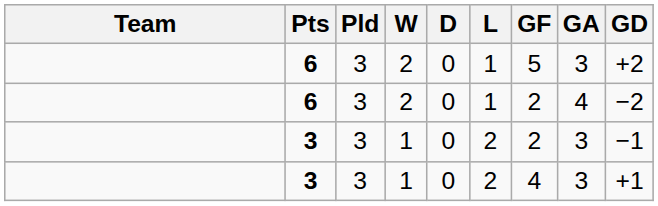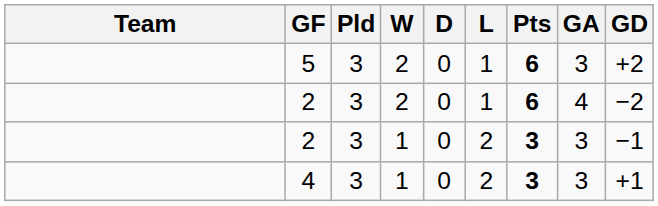 <table class="wikitable" style="text-align:center;">
 <tr>
 <th width=175>Team</th>
-<th width=20 abbr="Points">Pts</th>
+<th width=20 abbr="Goals for">GF</th>
 <th width=20 abbr="Played">Pld</th>
 <th width=20 abbr="Won">W</th>
 <th width=20 abbr="Drawn">D</th>
 <th width=20 abbr="Lost">L</th>
-<th width=20 abbr="Goals for">GF</th>
+<th width=20 abbr="Points">Pts</th>
 <th width=20 abbr="Goals against">GA</th>
 <th width=20 abbr="Goal difference">GD</th>
 </tr>
 <tr>
 <td style="text-align:left;"></td>
-<td><strong>6</strong></td>
+<td>5</td>
 <td>3</td>
 <td>2</td>
 <td>0</td>
 <td>1</td>
-<td>5</td>
+<td><strong>6</strong></td>
 <td>3</td>
 <td>+2</td>
 </tr>
 <tr>
 <td style="text-align:left;"></td>
-<td><strong>6</strong></td>
+<td>2</td>
 <td>3</td>
 <td>2</td>
 <td>0</td>
 <td>1</td>
-<td>2</td>
+<td><strong>6</strong></td>
 <td>4</td>
 <td>−2</td>
 </tr>
 <tr>
 <td style="text-align:left;"></td>
-<td><strong>3</strong></td>
+<td>2</td>
 <td>3</td>
 <td>1</td>
 <td>0</td>
 <td>2</td>
-<td>2</td>
+<td><strong>3</strong></td>
 <td>3</td>
 <td>−1</td>
 </tr>
 <tr>
 <td style="text-align:left;"></td>
-<td><strong>3</strong></td>
+<td>4</td>
 <td>3</td>
 <td>1</td>
 <td>0</td>
 <td>2</td>
-<td>4</td>
+<td><strong>3</strong></td>
 <td>3</td>
 <td>+1</td>
 </tr>
 </table>
